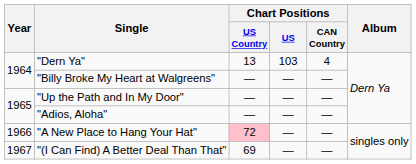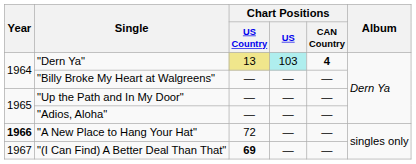 <table class="wikitable">
 <tr>
 <th rowspan="2">Year</th>
 <th rowspan="2">Single</th>
 <th colspan="3">Chart Positions</th>
 <th rowspan="2">Album</th>
 </tr>
 <tr>
 <th width="45"><small><a href='#'>US Country</a></small></th>
 <th width="45"><small><a href='#'>US</a></small></th>
 <th width="45"><small>CAN Country</small><br></th>
 </tr>
 <tr>
 <td rowspan="2">1964</td>
 <td>"Dern Ya"</td>
-<td align="center">13</td>
-<td align="center">103</td>
-<td align="center">4</td>
+<td align="center" style="background: khaki;">13</td>
+<td align="center" style="background: paleturquoise;">103</td>
+<td align="center"><strong>4</strong></td>
 <td rowspan="4"><em>Dern Ya</em></td>
 </tr>
 <tr>
 <td>"Billy Broke My Heart at Walgreens"</td>
 <td align="center">—</td>
 <td align="center">—</td>
 <td align="center">—</td>
 </tr>
 <tr>
 <td rowspan="2">1965</td>
 <td>"Up the Path and In My Door"</td>
 <td align="center">—</td>
 <td align="center">—</td>
 <td align="center">—</td>
 </tr>
 <tr>
 <td>"Adios, Aloha"</td>
 <td align="center">—</td>
 <td align="center">—</td>
 <td align="center">—</td>
 </tr>
 <tr>
-<td>1966</td>
+<td><strong>1966</strong></td>
 <td>"A New Place to Hang Your Hat"</td>
-<td align="center" style="background: pink;">72</td>
+<td align="center">72</td>
 <td align="center">—</td>
 <td align="center">—</td>
 <td rowspan="2">singles only</td>
 </tr>
 <tr>
 <td>1967</td>
 <td>"(I Can Find) A Better Deal Than That"</td>
-<td align="center">69</td>
+<td align="center"><strong>69</strong></td>
 <td align="center">—</td>
 <td align="center">—</td>
 </tr>
 </table>
